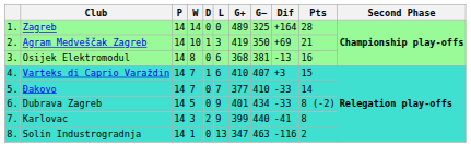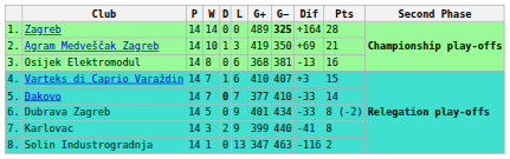 <table class="wikitable sortable">
 <tr>
 <th></th>
 <th>Club</th>
 <th>P</th>
 <th>W</th>
 <th>D</th>
 <th>L</th>
 <th>G+</th>
 <th>G−</th>
 <th>Dif</th>
 <th>Pts</th>
 <th>Second Phase</th>
 </tr>
 <tr style="background:palegreen;">
 <td>1.</td>
 <td><a href='#'>Zagreb</a></td>
 <td>14</td>
 <td>14</td>
 <td>0</td>
 <td>0</td>
 <td>489</td>
-<td>325</td>
+<td><strong>325</strong></td>
 <td>+164</td>
 <td>28</td>
 <td rowspan="3"><strong>Championship play-offs</strong></td>
 </tr>
 <tr style="background:palegreen;">
 <td>2.</td>
 <td><a href='#'>Agram Medveščak Zagreb</a></td>
 <td>14</td>
 <td>10</td>
 <td>1</td>
 <td>3</td>
 <td>419</td>
 <td>350</td>
 <td>+69</td>
 <td>21</td>
 </tr>
 <tr style="background:palegreen;">
 <td>3.</td>
 <td>Osijek Elektromodul</td>
 <td>14</td>
 <td>8</td>
 <td>0</td>
 <td>6</td>
 <td>368</td>
 <td>381</td>
 <td>-13</td>
 <td>16</td>
 </tr>
 <tr style="background:turquoise;">
 <td>4.</td>
 <td><a href='#'>Varteks di Caprio Varaždin</a></td>
 <td>14</td>
 <td>7</td>
 <td>1</td>
 <td>6</td>
 <td>410</td>
 <td>407</td>
 <td>+3</td>
 <td>15</td>
 <td rowspan="5"><strong>Relegation play-offs</strong></td>
 </tr>
 <tr style="background:turquoise;">
 <td>5.</td>
 <td><a href='#'>Đakovo</a></td>
 <td>14</td>
 <td>7</td>
-<td>0</td>
+<td><strong>0</strong></td>
 <td>7</td>
 <td>377</td>
 <td>410</td>
 <td>-33</td>
 <td>14</td>
 </tr>
 <tr style="background:turquoise;">
 <td>6.</td>
 <td>Dubrava Zagreb</td>
 <td>14</td>
 <td>5</td>
 <td>0</td>
 <td>9</td>
 <td>401</td>
 <td>434</td>
 <td>-33</td>
 <td>8 (-2)</td>
 </tr>
 <tr style="background:turquoise;">
 <td>7.</td>
 <td>Karlovac</td>
 <td>14</td>
 <td>3</td>
 <td>2</td>
 <td>9</td>
 <td>399</td>
 <td>440</td>
 <td>-41</td>
 <td>8</td>
 </tr>
 <tr style="background:turquoise;">
 <td>8.</td>
 <td>Solin Industrogradnja</td>
 <td>14</td>
 <td>1</td>
 <td>0</td>
 <td>13</td>
 <td>347</td>
 <td>463</td>
 <td>-116</td>
 <td>2</td>
 </tr>
 </table>
